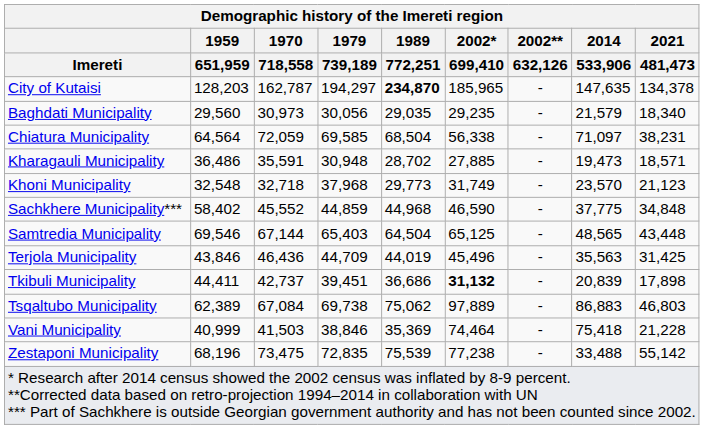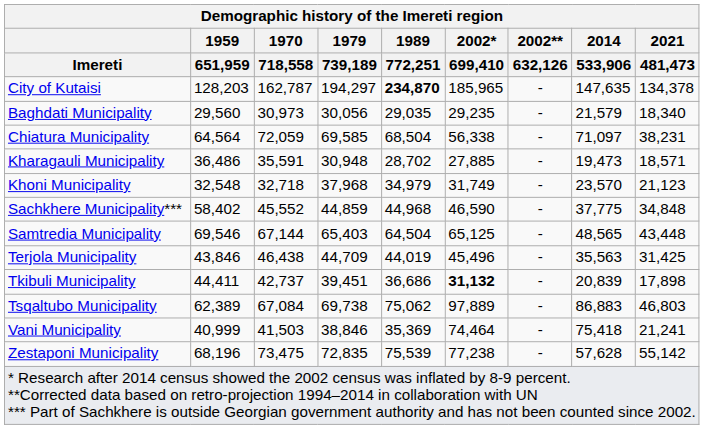 <table class="wikitable">
 <tr>
 <th colspan=19>Demographic history of the Imereti region</th>
 </tr>
 <tr>
 <th></th>
 <th>1959</th>
 <th>1970</th>
 <th>1979</th>
 <th>1989</th>
 <th>2002*</th>
 <th>2002**</th>
 <th>2014</th>
 <th>2021</th>
 </tr>
 <tr>
 <th>Imereti</th>
 <th> 651,959</th>
 <th> 718,558</th>
 <th> 739,189</th>
 <th> 772,251</th>
 <th> 699,410</th>
 <th> 632,126</th>
 <th> 533,906</th>
 <th> 481,473</th>
 </tr>
 <tr>
 <td><a href='#'>City of Kutaisi</a></td>
 <td> 128,203</td>
 <td> 162,787</td>
 <td> 194,297</td>
 <td><strong> 234,870</strong></td>
 <td> 185,965</td>
 <td align=center>-</td>
 <td> 147,635</td>
 <td> 134,378</td>
 </tr>
 <tr>
 <td><a href='#'>Baghdati Municipality</a></td>
 <td> 29,560</td>
 <td> 30,973</td>
 <td> 30,056</td>
 <td> 29,035</td>
 <td> 29,235</td>
 <td align=center>-</td>
 <td> 21,579</td>
 <td> 18,340</td>
 </tr>
 <tr>
 <td><a href='#'>Chiatura Municipality</a></td>
 <td> 64,564</td>
 <td> 72,059</td>
 <td> 69,585</td>
 <td> 68,504</td>
 <td> 56,338</td>
 <td align=center>-</td>
 <td> 71,097</td>
 <td> 38,231</td>
 </tr>
 <tr>
 <td><a href='#'>Kharagauli Municipality</a></td>
 <td> 36,486</td>
 <td> 35,591</td>
 <td> 30,948</td>
 <td> 28,702</td>
 <td> 27,885</td>
 <td align=center>-</td>
 <td> 19,473</td>
 <td> 18,571</td>
 </tr>
 <tr>
 <td><a href='#'>Khoni Municipality</a></td>
 <td> 32,548</td>
 <td> 32,718</td>
 <td> 37,968</td>
-<td> 29,773</td>
+<td> 34,979</td>
 <td> 31,749</td>
 <td align=center>-</td>
 <td> 23,570</td>
 <td> 21,123</td>
 </tr>
 <tr>
 <td><a href='#'>Sachkhere Municipality</a>***</td>
 <td> 58,402</td>
 <td> 45,552</td>
 <td> 44,859</td>
 <td> 44,968</td>
 <td> 46,590</td>
 <td align=center>-</td>
 <td> 37,775</td>
 <td> 34,848</td>
 </tr>
 <tr>
 <td><a href='#'>Samtredia Municipality</a></td>
 <td> 69,546</td>
 <td> 67,144</td>
 <td> 65,403</td>
 <td> 64,504</td>
 <td> 65,125</td>
 <td align=center>-</td>
 <td> 48,565</td>
 <td> 43,448</td>
 </tr>
 <tr>
 <td><a href='#'>Terjola Municipality</a></td>
 <td> 43,846</td>
-<td> 46,436</td>
+<td> 46,438</td>
 <td> 44,709</td>
 <td> 44,019</td>
 <td> 45,496</td>
 <td align=center>-</td>
 <td> 35,563</td>
 <td> 31,425</td>
 </tr>
 <tr>
 <td><a href='#'>Tkibuli Municipality</a></td>
 <td> 44,411</td>
 <td> 42,737</td>
 <td> 39,451</td>
 <td> 36,686</td>
 <td><strong> 31,132</strong></td>
 <td align=center>-</td>
 <td> 20,839</td>
 <td> 17,898</td>
 </tr>
 <tr>
 <td><a href='#'>Tsqaltubo Municipality</a></td>
 <td> 62,389</td>
 <td> 67,084</td>
 <td> 69,738</td>
 <td> 75,062</td>
 <td> 97,889</td>
 <td align=center>-</td>
 <td> 86,883</td>
 <td> 46,803</td>
 </tr>
 <tr>
 <td><a href='#'>Vani Municipality</a></td>
 <td> 40,999</td>
 <td> 41,503</td>
 <td> 38,846</td>
 <td> 35,369</td>
 <td> 74,464</td>
 <td align=center>-</td>
 <td> 75,418</td>
-<td> 21,228</td>
+<td> 21,241</td>
 </tr>
 <tr>
 <td><a href='#'>Zestaponi Municipality</a></td>
 <td> 68,196</td>
 <td> 73,475</td>
 <td> 72,835</td>
 <td> 75,539</td>
 <td> 77,238</td>
 <td align=center>-</td>
-<td> 33,488</td>
+<td> 57,628</td>
 <td> 55,142</td>
 </tr>
 <tr>
 <td colspan=10 class="wikitable" style="align:left;text-align:left;background-color:#eaecf0">* Research after 2014 census showed the 2002 census was inflated by 8-9 percent.<br>**Corrected data based on retro-projection 1994–2014 in collaboration with UN<br>*** Part of Sachkhere is outside Georgian government authority and has not been counted since 2002.</td>
 </tr>
 </table>
